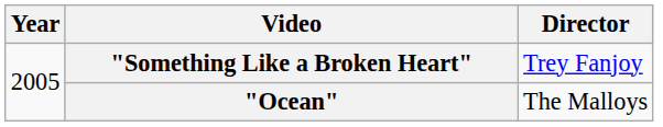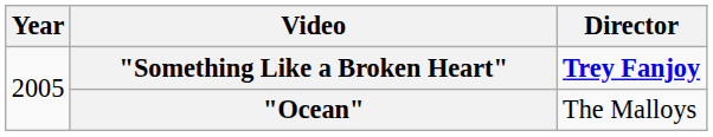 <table class="wikitable plainrowheaders">
 <tr>
 <th>Year</th>
 <th style="width:18em;">Video</th>
 <th>Director</th>
 </tr>
 <tr>
 <td rowspan="2">2005</td>
 <th scope="row">"Something Like a Broken Heart"</th>
-<td><a href='#'>Trey Fanjoy</a></td>
+<td><strong><a href='#'>Trey Fanjoy</a></strong></td>
 </tr>
 <tr>
 <th scope="row">"Ocean"</th>
 <td>The Malloys</td>
 </tr>
 </table>
